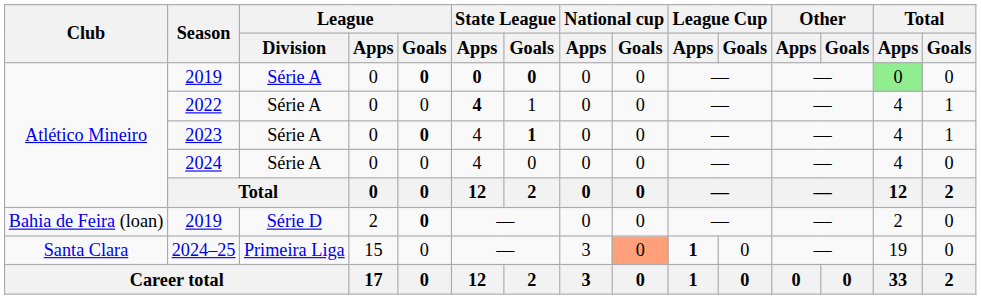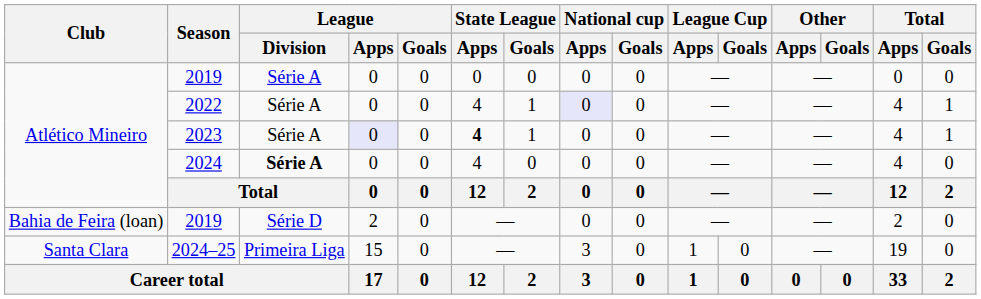 <table class="wikitable" style="text-align: center;">
 <tr>
 <th rowspan="2">Club</th>
 <th rowspan="2">Season</th>
 <th colspan="3">League</th>
 <th colspan="2">State League</th>
 <th colspan="2">National cup</th>
 <th colspan="2">League Cup</th>
 <th colspan="2">Other</th>
 <th colspan="2">Total</th>
 </tr>
 <tr>
 <th>Division</th>
 <th>Apps</th>
 <th>Goals</th>
 <th>Apps</th>
 <th>Goals</th>
 <th>Apps</th>
 <th>Goals</th>
 <th>Apps</th>
 <th>Goals</th>
 <th>Apps</th>
 <th>Goals</th>
 <th>Apps</th>
 <th>Goals</th>
 </tr>
 <tr>
 <td rowspan="5"><a href='#'>Atlético Mineiro</a></td>
 <td><a href='#'>2019</a></td>
 <td><a href='#'>Série A</a></td>
 <td>0</td>
-<td><strong>0</strong></td>
-<td><strong>0</strong></td>
-<td><strong>0</strong></td>
+<td>0</td>
+<td>0</td>
+<td>0</td>
 <td>0</td>
 <td>0</td>
 <td colspan="2">—</td>
 <td colspan="2">—</td>
-<td style="background: lightgreen;">0</td>
+<td>0</td>
 <td>0</td>
 </tr>
 <tr>
 <td><a href='#'>2022</a></td>
 <td>Série A</td>
 <td>0</td>
+<td>0</td>
+<td>4</td>
+<td>1</td>
+<td style="background: lavender;">0</td>
+<td>0</td>
+<td colspan="2">—</td>
+<td colspan="2">—</td>
+<td>4</td>
+<td>1</td>
+</tr>
+<tr>
+<td><a href='#'>2023</a></td>
+<td>Série A</td>
+<td style="background: lavender;">0</td>
 <td>0</td>
 <td><strong>4</strong></td>
 <td>1</td>
 <td>0</td>
 <td>0</td>
 <td colspan="2">—</td>
 <td colspan="2">—</td>
 <td>4</td>
 <td>1</td>
 </tr>
 <tr>
-<td><a href='#'>2023</a></td>
-<td>Série A</td>
-<td>0</td>
-<td><strong>0</strong></td>
-<td>4</td>
-<td><strong>1</strong></td>
-<td>0</td>
-<td>0</td>
-<td colspan="2">—</td>
-<td colspan="2">—</td>
-<td>4</td>
-<td>1</td>
-</tr>
-<tr>
 <td><a href='#'>2024</a></td>
-<td>Série A</td>
+<td><strong>Série A</strong></td>
 <td>0</td>
 <td>0</td>
 <td>4</td>
 <td>0</td>
 <td>0</td>
 <td>0</td>
 <td colspan="2">—</td>
 <td colspan="2">—</td>
 <td>4</td>
 <td>0</td>
 </tr>
 <tr>
 <th colspan="2">Total</th>
 <th>0</th>
 <th>0</th>
 <th>12</th>
 <th>2</th>
 <th>0</th>
 <th>0</th>
 <th colspan="2">—</th>
 <th colspan="2">—</th>
 <th>12</th>
 <th>2</th>
 </tr>
 <tr>
 <td><a href='#'>Bahia de Feira</a> (loan)</td>
 <td><a href='#'>2019</a></td>
 <td><a href='#'>Série D</a></td>
 <td>2</td>
-<td><strong>0</strong></td>
+<td>0</td>
 <td colspan="2">—</td>
 <td>0</td>
 <td>0</td>
 <td colspan="2">—</td>
 <td colspan="2">—</td>
 <td>2</td>
 <td>0</td>
 </tr>
 <tr>
 <td><a href='#'>Santa Clara</a></td>
 <td><a href='#'>2024–25</a></td>
 <td><a href='#'>Primeira Liga</a></td>
 <td>15</td>
 <td>0</td>
 <td colspan="2">—</td>
 <td>3</td>
-<td style="background: lightsalmon;">0</td>
-<td><strong>1</strong></td>
+<td>0</td>
+<td>1</td>
 <td>0</td>
 <td colspan="2">—</td>
 <td>19</td>
 <td>0</td>
 </tr>
 <tr>
 <th colspan="3">Career total</th>
 <th>17</th>
 <th>0</th>
 <th>12</th>
 <th>2</th>
 <th>3</th>
 <th>0</th>
 <th>1</th>
 <th>0</th>
 <th>0</th>
 <th>0</th>
 <th>33</th>
 <th>2</th>
 </tr>
 </table>
